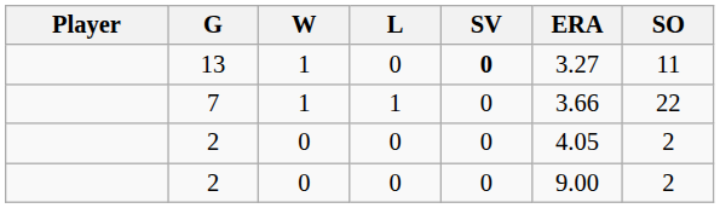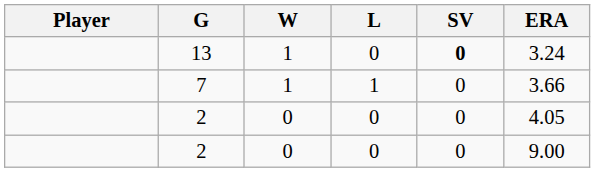 <table class="wikitable sortable">
 <tr>
 <th bgcolor="#DDDDFF" width="16%">Player</th>
 <th bgcolor="#DDDDFF" width="9%">G</th>
 <th bgcolor="#DDDDFF" width="9%">W</th>
 <th bgcolor="#DDDDFF" width="9%">L</th>
 <th bgcolor="#DDDDFF" width="9%">SV</th>
 <th bgcolor="#DDDDFF" width="9%">ERA</th>
-<th bgcolor="#DDDDFF" width="9%">SO</th>
 </tr>
 <tr align="center">
 <td></td>
 <td>13</td>
 <td>1</td>
 <td>0</td>
 <td><strong>0</strong></td>
-<td>3.27</td>
-<td>11</td>
+<td>3.24</td>
 </tr>
 <tr align="center">
 <td></td>
 <td>7</td>
 <td>1</td>
 <td>1</td>
 <td>0</td>
 <td>3.66</td>
-<td>22</td>
 </tr>
 <tr align="center">
 <td></td>
 <td>2</td>
 <td>0</td>
 <td>0</td>
 <td>0</td>
 <td>4.05</td>
-<td>2</td>
 </tr>
 <tr align="center">
 <td></td>
 <td>2</td>
 <td>0</td>
 <td>0</td>
 <td>0</td>
 <td>9.00</td>
-<td>2</td>
 </tr>
 </table>
